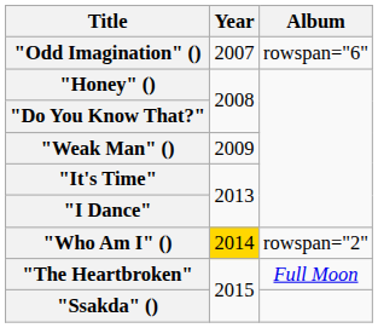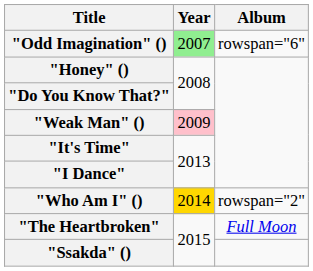 <table class="wikitable plainrowheaders" style="text-align:center">
 <tr>
 <th scope="col">Title</th>
 <th scope="col">Year</th>
 <th scope="col">Album</th>
 </tr>
 <tr>
 <th scope="row">"Odd Imagination" ()<br></th>
-<td>2007</td>
+<td style="background: lightgreen;">2007</td>
 <td>rowspan="6" </td>
 </tr>
 <tr>
 <th scope="row">"Honey" ()<br></th>
 <td rowspan="2">2008</td>
 </tr>
 <tr>
 <th scope="row">"Do You Know That?"<br></th>
 </tr>
 <tr>
 <th scope="row">"Weak Man" ()<br></th>
-<td>2009</td>
+<td style="background: pink;">2009</td>
 </tr>
 <tr>
 <th scope="row">"It's Time"<br></th>
 <td rowspan="2">2013</td>
 </tr>
 <tr>
 <th scope="row">"I Dance"<br></th>
 </tr>
 <tr>
 <th scope="row">"Who Am I" ()<br></th>
 <td style="background: gold;">2014</td>
 <td>rowspan="2" </td>
 </tr>
 <tr>
 <th scope="row">"The Heartbroken"<br></th>
 <td rowspan="2">2015</td>
 <td><em><a href='#'>Full Moon</a></em></td>
 </tr>
 <tr>
 <th scope="row">"Ssakda" ()<br></th>
 </tr>
 </table>
